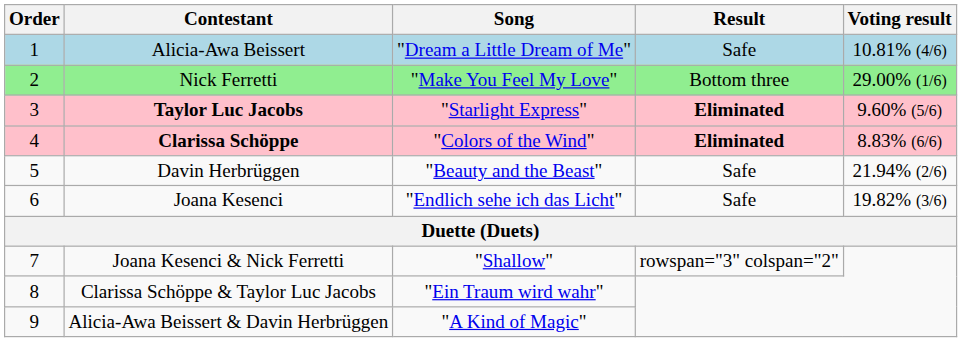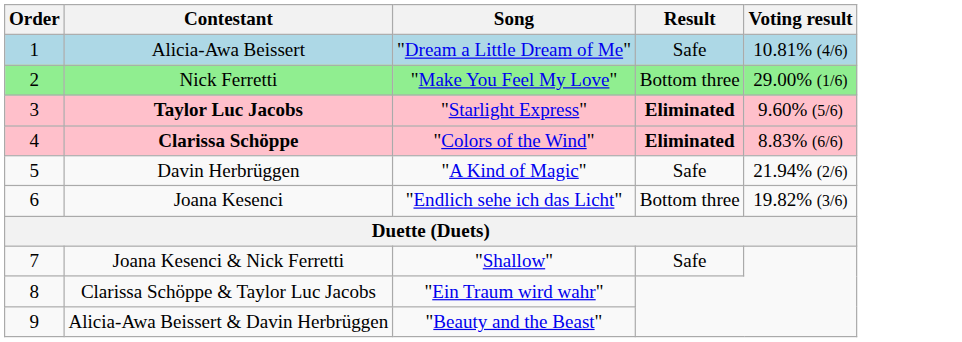 <table class="wikitable" style="text-align:center;">
 <tr>
 <th>Order</th>
 <th>Contestant</th>
 <th>Song</th>
 <th>Result</th>
 <th>Voting result</th>
 </tr>
 <tr bgcolor="lightblue">
 <td>1</td>
 <td>Alicia-Awa Beissert</td>
 <td>"<a href='#'>Dream a Little Dream of Me</a>"</td>
 <td>Safe</td>
 <td>10.81% <small>(4/6)</small></td>
 </tr>
 <tr bgcolor="lightgreen">
 <td>2</td>
 <td>Nick Ferretti</td>
 <td>"<a href='#'>Make You Feel My Love</a>"</td>
 <td>Bottom three</td>
 <td>29.00% <small>(1/6)</small></td>
 </tr>
 <tr bgcolor="pink">
 <td>3</td>
 <td><strong>Taylor Luc Jacobs</strong></td>
 <td>"<a href='#'>Starlight Express</a>"</td>
 <td><strong> Eliminated</strong></td>
 <td>9.60% <small>(5/6)</small></td>
 </tr>
 <tr bgcolor="pink">
 <td>4</td>
 <td><strong> Clarissa Schöppe</strong></td>
 <td>"<a href='#'>Colors of the Wind</a>"</td>
 <td><strong> Eliminated </strong></td>
 <td>8.83% <small>(6/6)</small></td>
 </tr>
 <tr>
 <td>5</td>
 <td>Davin Herbrüggen</td>
-<td>"<a href='#'>Beauty and the Beast</a>"</td>
+<td>"<a href='#'>A Kind of Magic</a>"</td>
 <td>Safe</td>
 <td>21.94%  <small>(2/6)</small></td>
 </tr>
 <tr>
 <td>6</td>
 <td>Joana Kesenci</td>
 <td>"<a href='#'>Endlich sehe ich das Licht</a>"</td>
-<td>Safe</td>
+<td>Bottom three</td>
 <td>19.82% <small>(3/6)</small></td>
 </tr>
 <tr>
 <th colspan="5">Duette (Duets)</th>
 </tr>
 <tr>
 <td>7</td>
 <td>Joana Kesenci & Nick Ferretti</td>
 <td>"<a href='#'>Shallow</a>"</td>
-<td>rowspan="3" colspan="2" </td>
+<td>Safe</td>
 </tr>
 <tr>
 <td>8</td>
 <td>Clarissa Schöppe & Taylor Luc Jacobs</td>
 <td>"<a href='#'>Ein Traum wird wahr</a>"</td>
 </tr>
 <tr>
 <td>9</td>
 <td>Alicia-Awa Beissert & Davin Herbrüggen</td>
-<td>"<a href='#'>A Kind of Magic</a>"</td>
+<td>"<a href='#'>Beauty and the Beast</a>"</td>
 </tr>
 </table>
